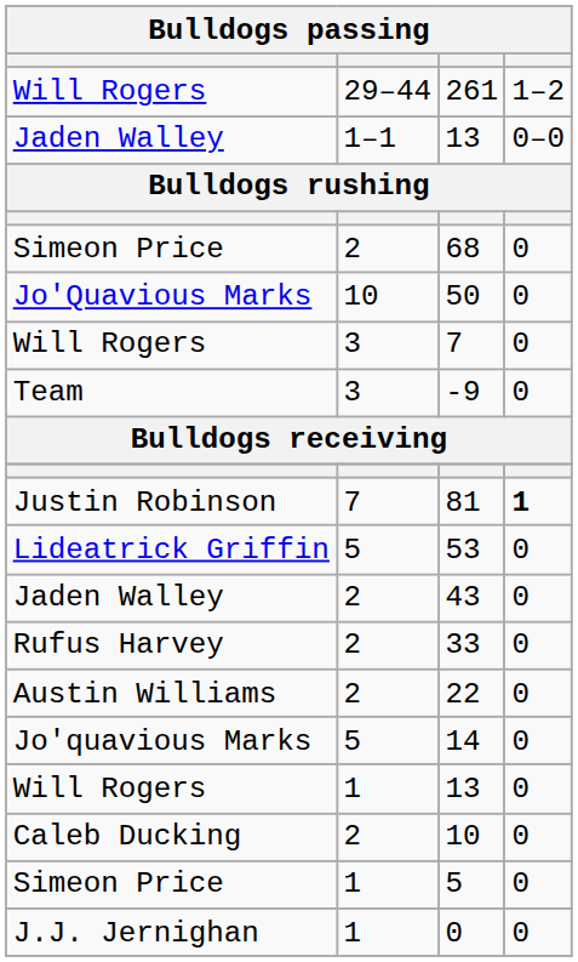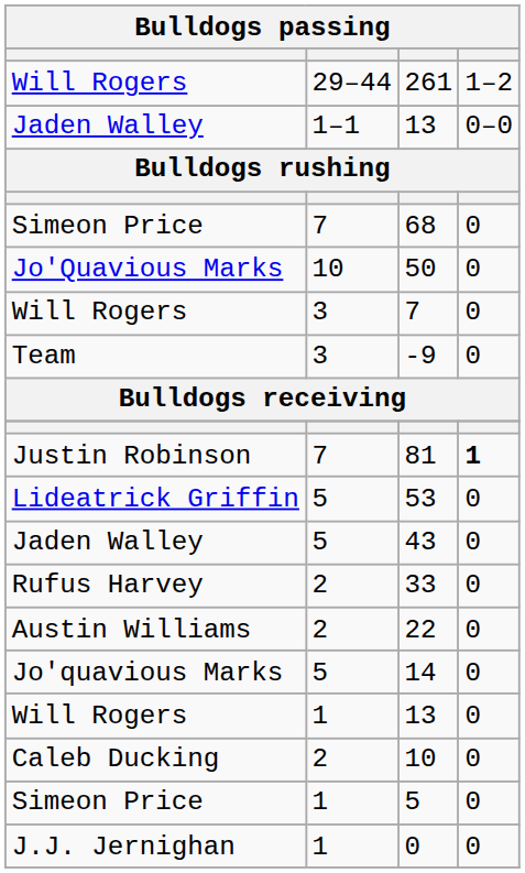 <table class="wikitable plainrowheaders">
 <tr>
 <th colspan="6">Bulldogs passing</th>
 </tr>
 <tr>
 <th scope="col"></th>
 <th scope="col"></th>
 <th scope="col"></th>
 <th scope="col"></th>
 </tr>
 <tr>
 <td><a href='#'>Will Rogers</a></td>
 <td>29–44</td>
 <td>261</td>
 <td>1–2</td>
 </tr>
 <tr>
 <td><a href='#'>Jaden Walley</a></td>
 <td>1–1</td>
 <td>13</td>
 <td>0–0</td>
 </tr>
 <tr>
 <th colspan="6">Bulldogs rushing</th>
 </tr>
 <tr>
 <th scope="col"></th>
 <th scope="col"></th>
 <th scope="col"></th>
 <th scope="col"></th>
 </tr>
 <tr>
 <td>Simeon Price</td>
-<td>2</td>
+<td>7</td>
 <td>68</td>
 <td>0</td>
 </tr>
 <tr>
 <td><a href='#'>Jo'Quavious Marks</a></td>
 <td>10</td>
 <td>50</td>
 <td>0</td>
 </tr>
 <tr>
 <td>Will Rogers</td>
 <td>3</td>
 <td>7</td>
 <td>0</td>
 </tr>
 <tr>
 <td>Team</td>
 <td>3</td>
 <td>-9</td>
 <td>0</td>
 </tr>
 <tr>
 <th colspan="6">Bulldogs receiving</th>
 </tr>
 <tr>
 </tr>
 <tr>
 <th scope="col"></th>
 <th scope="col"></th>
 <th scope="col"></th>
 <th scope="col"></th>
 </tr>
 <tr>
 <td>Justin Robinson</td>
 <td>7</td>
 <td>81</td>
 <td><strong>1</strong></td>
 </tr>
 <tr>
 <td><a href='#'>Lideatrick Griffin</a></td>
 <td>5</td>
 <td>53</td>
 <td>0</td>
 </tr>
 <tr>
 <td>Jaden Walley</td>
-<td>2</td>
+<td>5</td>
 <td>43</td>
 <td>0</td>
 </tr>
 <tr>
 <td>Rufus Harvey</td>
 <td>2</td>
 <td>33</td>
 <td>0</td>
 </tr>
 <tr>
 <td>Austin Williams</td>
 <td>2</td>
 <td>22</td>
 <td>0</td>
 </tr>
 <tr>
 <td>Jo'quavious Marks</td>
 <td>5</td>
 <td>14</td>
 <td>0</td>
 </tr>
 <tr>
 <td>Will Rogers</td>
 <td>1</td>
 <td>13</td>
 <td>0</td>
 </tr>
 <tr>
 <td>Caleb Ducking</td>
 <td>2</td>
 <td>10</td>
 <td>0</td>
 </tr>
 <tr>
 <td>Simeon Price</td>
 <td>1</td>
 <td>5</td>
 <td>0</td>
 </tr>
 <tr>
 <td>J.J. Jernighan</td>
 <td>1</td>
 <td>0</td>
 <td>0</td>
 </tr>
 </table>
